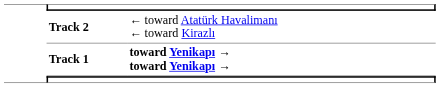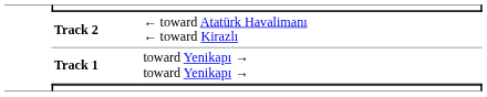 <table cellspacing=0 cellpadding=3>
 <tr>
 <td style="border-top:solid 1px gray;border-bottom:solid 1px gray;vertical-align:top;" width=50 rowspan=4></td>
 <td style="border-top:solid 1px gray;border-right:solid 2px black;border-left:solid 2px black;border-bottom:solid 2px black;text-align:center;" colspan=2></td>
 </tr>
 <tr>
 <td style="border-bottom:solid 1px gray;" width=100><strong>Track 2</strong></td>
 <td style="border-bottom:solid 1px gray;" width=400>←  toward <a href='#'>Atatürk Havalimanı</a> <br>←   toward <a href='#'>Kirazlı</a></td>
 </tr>
 <tr>
 <td style="border-bottom:solid 1px gray;"><strong>Track 1</strong></td>
-<td style="border-bottom:solid 1px gray;"><strong> toward <a href='#'>Yenikapı</a> →<br> toward <a href='#'>Yenikapı</a> →</strong></td>
+<td style="border-bottom:solid 1px gray;"> toward <a href='#'>Yenikapı</a> →<br> toward <a href='#'>Yenikapı</a> →</td>
 </tr>
 <tr>
 <td style="border-bottom:solid 1px gray;border-top:solid 2px black;border-right:solid 2px black;border-left:solid 2px black;text-align:center;" colspan=2></td>
 </tr>
 </table>
